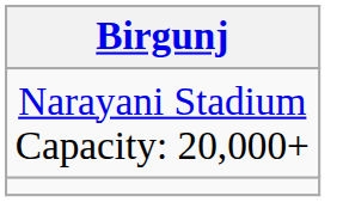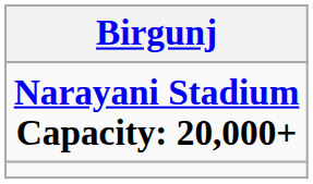 <table class="wikitable">
 <tr>
 <th style="text-align:center;margin:0 auto"><a href='#'>Birgunj</a></th>
 </tr>
 <tr>
-<td style="text-align:center;margin:0 auto"><a href='#'>Narayani Stadium</a><br>Capacity: 20,000+</td>
+<td style="text-align:center;margin:0 auto"><strong><a href='#'>Narayani Stadium</a><br>Capacity: 20,000+</strong></td>
 </tr>
 <tr>
 <td></td>
 </tr>
 </table>
